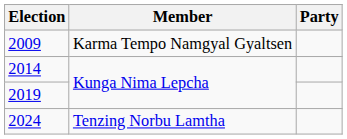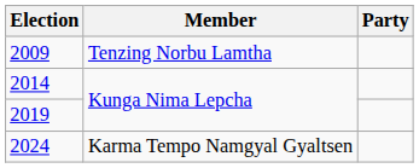 <table class="wikitable sortable">
 <tr>
 <th>Election</th>
 <th>Member</th>
 <th colspan=2>Party</th>
 </tr>
 <tr>
 <td><a href='#'>2009</a></td>
-<td>Karma Tempo Namgyal Gyaltsen</td>
+<td><a href='#'>Tenzing Norbu Lamtha</a></td>
 <td></td>
 </tr>
 <tr>
 <td><a href='#'>2014</a></td>
 <td rowspan=2><a href='#'>Kunga Nima Lepcha</a></td>
 <td></td>
 </tr>
 <tr>
 <td><a href='#'>2019</a></td>
 </tr>
 <tr>
 <td><a href='#'>2024</a></td>
-<td><a href='#'>Tenzing Norbu Lamtha</a></td>
+<td>Karma Tempo Namgyal Gyaltsen</td>
 <td></td>
 </tr>
 </table>
